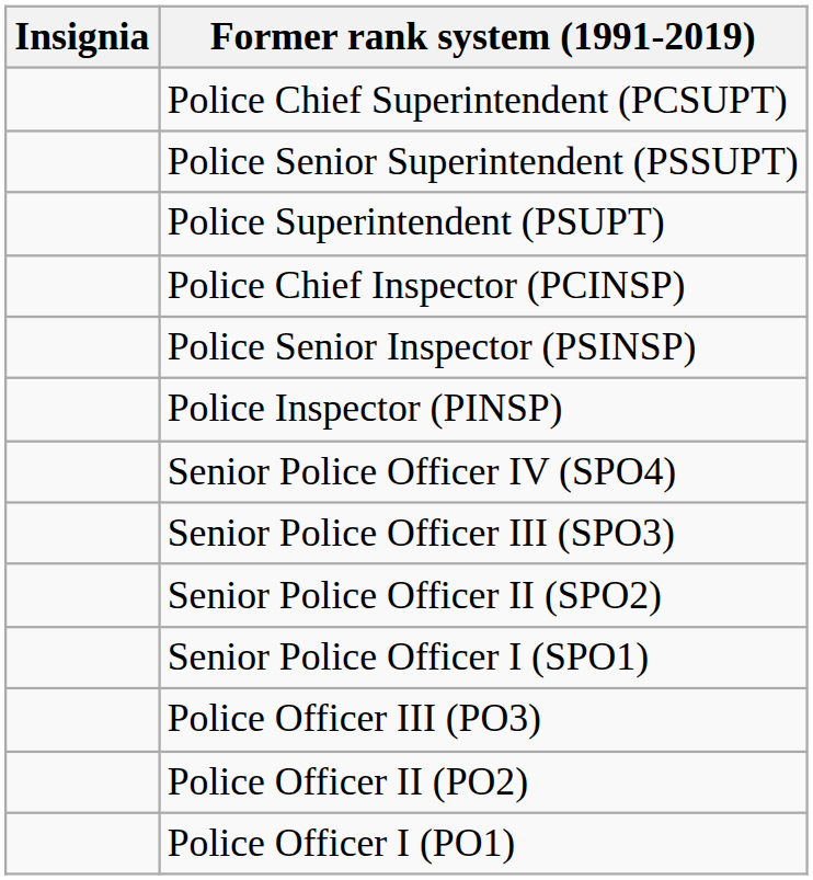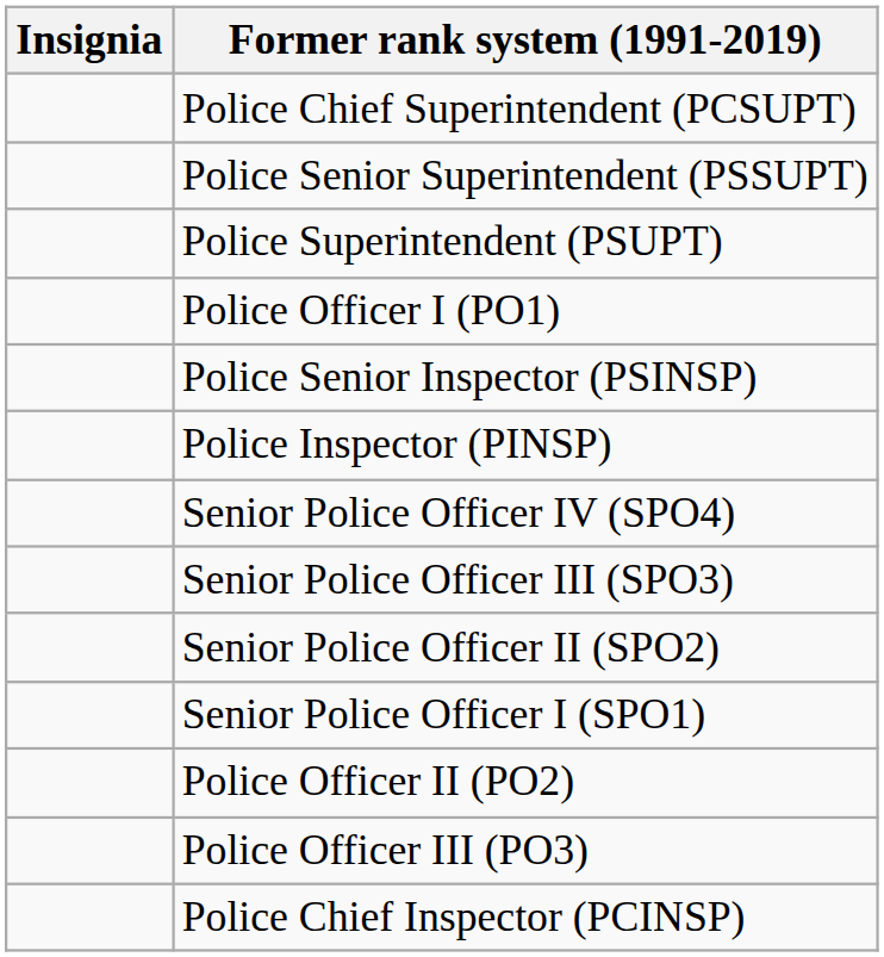 <table class="wikitable" style="display: inline-table;">
 <tr>
 <th width=30px>Insignia</th>
 <th>Former rank system (1991-2019)</th>
 </tr>
 <tr>
 <td></td>
 <td>Police Chief Superintendent (PCSUPT)</td>
 </tr>
 <tr>
 <td></td>
 <td>Police Senior Superintendent (PSSUPT)</td>
 </tr>
 <tr>
 <td></td>
 <td>Police Superintendent (PSUPT)</td>
 </tr>
 <tr>
 <td></td>
-<td>Police Chief Inspector (PCINSP)</td>
+<td>Police Officer I (PO1)</td>
 </tr>
 <tr>
 <td></td>
 <td>Police Senior Inspector (PSINSP)</td>
 </tr>
 <tr>
 <td></td>
 <td>Police Inspector (PINSP)</td>
 </tr>
 <tr>
 <td></td>
 <td>Senior Police Officer IV (SPO4)</td>
 </tr>
 <tr>
 <td></td>
 <td>Senior Police Officer III (SPO3)</td>
 </tr>
 <tr>
 <td></td>
 <td>Senior Police Officer II (SPO2)</td>
 </tr>
 <tr>
 <td></td>
 <td>Senior Police Officer I (SPO1)</td>
 </tr>
 <tr>
 <td></td>
+<td>Police Officer II (PO2)</td>
+</tr>
+<tr>
+<td></td>
 <td>Police Officer III (PO3)</td>
 </tr>
 <tr>
 <td></td>
-<td>Police Officer II (PO2)</td>
-</tr>
-<tr>
-<td></td>
-<td>Police Officer I (PO1)</td>
+<td>Police Chief Inspector (PCINSP)</td>
 </tr>
 </table>
